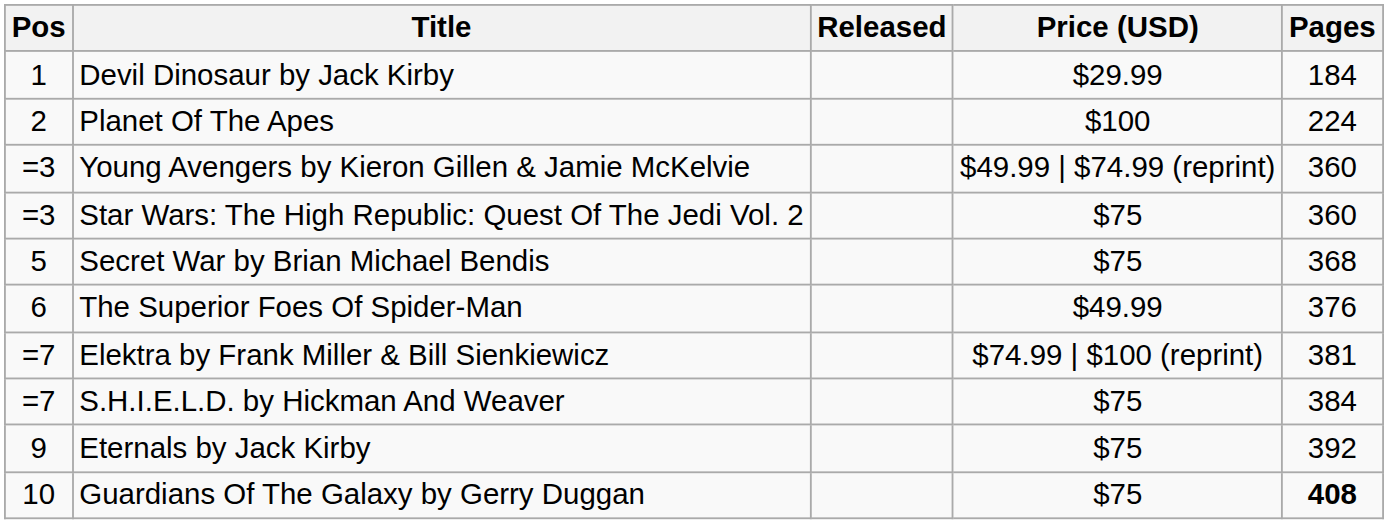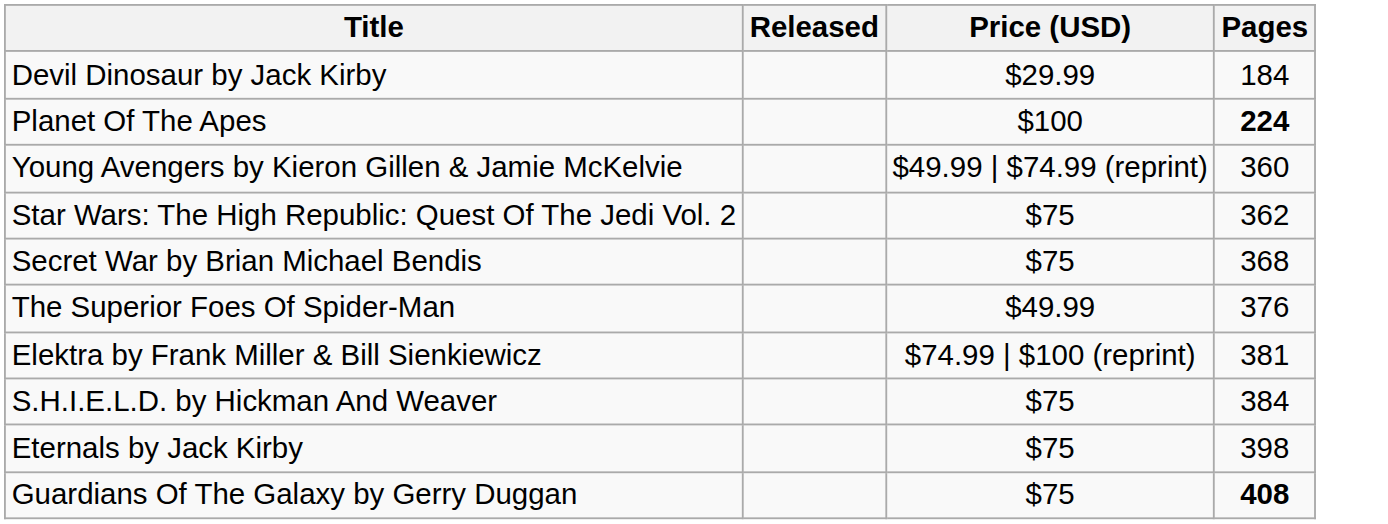 <table class="wikitable sortable">
 <tr>
-<th class="unsortable">Pos</th>
 <th class="unsortable">Title</th>
 <th class="unsortable">Released</th>
 <th>Price (USD)</th>
 <th>Pages</th>
 </tr>
 <tr>
-<td style="text-align: center;">1</td>
 <td>Devil Dinosaur by Jack Kirby</td>
 <td></td>
 <td style="text-align: center;">$29.99</td>
 <td style="text-align: center;">184</td>
 </tr>
 <tr>
-<td style="text-align: center;">2</td>
 <td>Planet Of The Apes</td>
 <td></td>
 <td style="text-align: center;">$100</td>
-<td style="text-align: center;">224</td>
+<td style="text-align: center;"><strong>224</strong></td>
 </tr>
 <tr>
-<td style="text-align: center;">=3</td>
 <td>Young Avengers by Kieron Gillen & Jamie McKelvie</td>
 <td></td>
 <td style="text-align: center;">$49.99 | $74.99 (reprint)</td>
 <td style="text-align: center;">360</td>
 </tr>
 <tr>
-<td style="text-align: center;">=3</td>
 <td>Star Wars: The High Republic: Quest Of The Jedi Vol. 2</td>
 <td></td>
 <td style="text-align: center;">$75</td>
-<td style="text-align: center;">360</td>
+<td style="text-align: center;">362</td>
 </tr>
 <tr>
-<td style="text-align: center;">5</td>
 <td>Secret War by Brian Michael Bendis</td>
 <td></td>
 <td style="text-align: center;">$75</td>
 <td style="text-align: center;">368</td>
 </tr>
 <tr>
-<td style="text-align: center;">6</td>
 <td>The Superior Foes Of Spider-Man</td>
 <td></td>
 <td style="text-align: center;">$49.99</td>
 <td style="text-align: center;">376</td>
 </tr>
 <tr>
-<td style="text-align: center;">=7</td>
 <td>Elektra by Frank Miller & Bill Sienkiewicz</td>
 <td></td>
 <td style="text-align: center;">$74.99 | $100 (reprint)</td>
 <td style="text-align: center;">381</td>
 </tr>
 <tr>
-<td style="text-align: center;">=7</td>
 <td>S.H.I.E.L.D. by Hickman And Weaver</td>
 <td></td>
 <td style="text-align: center;">$75</td>
 <td style="text-align: center;">384</td>
 </tr>
 <tr>
-<td style="text-align: center;">9</td>
 <td>Eternals by Jack Kirby</td>
 <td></td>
 <td style="text-align: center;">$75</td>
-<td style="text-align: center;">392</td>
+<td style="text-align: center;">398</td>
 </tr>
 <tr>
-<td style="text-align: center;">10</td>
 <td>Guardians Of The Galaxy by Gerry Duggan</td>
 <td></td>
 <td style="text-align: center;">$75</td>
 <td style="text-align: center;"><strong>408</strong></td>
 </tr>
 </table>
